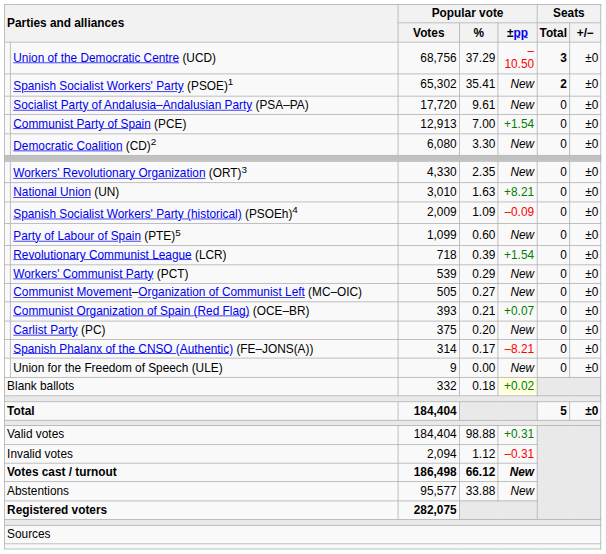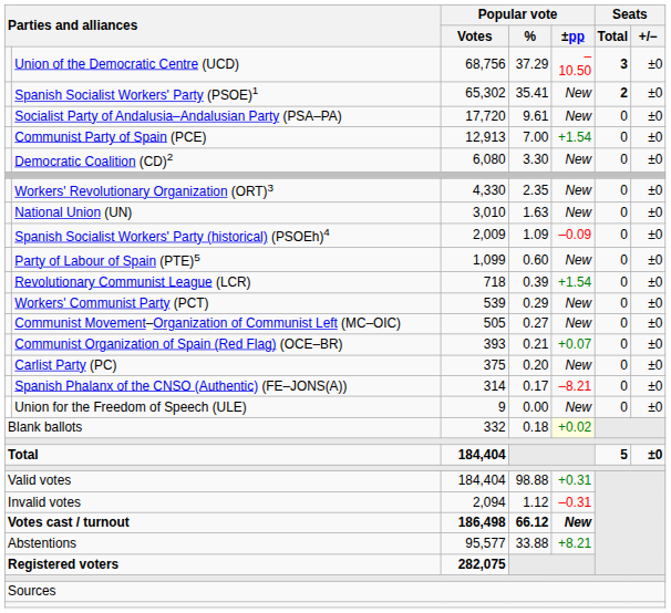 <table class="wikitable" style="text-align:right;">
 <tr>
 <th style="text-align:left;" rowspan="2" colspan="2" width="525">Parties and alliances</th>
 <th colspan="3">Popular vote</th>
 <th colspan="2">Seats</th>
 </tr>
 <tr>
 <th width="75">Votes</th>
 <th width="45">%</th>
 <th width="45">±<a href='#'>pp</a></th>
 <th width="35">Total</th>
 <th width="35">+/−</th>
 </tr>
 <tr>
 <td width="1" style="color:inherit;background:"></td>
 <td align="left"><a href='#'>Union of the Democratic Centre</a> (UCD)</td>
 <td>68,756</td>
 <td>37.29</td>
 <td style="color:red;">–10.50</td>
 <td><strong>3</strong></td>
 <td>±0</td>
 </tr>
 <tr>
 <td style="color:inherit;background:"></td>
 <td align="left"><a href='#'>Spanish Socialist Workers' Party</a> (PSOE)<sup>1</sup></td>
 <td>65,302</td>
 <td>35.41</td>
 <td><em>New</em></td>
 <td><strong>2</strong></td>
 <td>±0</td>
 </tr>
 <tr>
 <td style="color:inherit;background:"></td>
 <td align="left"><a href='#'>Socialist Party of Andalusia–Andalusian Party</a> (PSA–PA)</td>
 <td>17,720</td>
 <td>9.61</td>
 <td><em>New</em></td>
 <td>0</td>
 <td>±0</td>
 </tr>
 <tr>
 <td style="color:inherit;background:"></td>
 <td align="left"><a href='#'>Communist Party of Spain</a> (PCE)</td>
 <td>12,913</td>
 <td>7.00</td>
 <td style="color:green;">+1.54</td>
 <td>0</td>
 <td>±0</td>
 </tr>
 <tr>
 <td style="color:inherit;background:"></td>
 <td align="left"><a href='#'>Democratic Coalition</a> (CD)<sup>2</sup></td>
 <td>6,080</td>
 <td>3.30</td>
 <td><em>New</em></td>
 <td>0</td>
 <td>±0</td>
 </tr>
 <tr>
 <td colspan="7" bgcolor="#C0C0C0"></td>
 </tr>
 <tr>
 <td style="color:inherit;background:"></td>
 <td align="left"><a href='#'>Workers' Revolutionary Organization</a> (ORT)<sup>3</sup></td>
 <td>4,330</td>
 <td>2.35</td>
 <td><em>New</em></td>
 <td>0</td>
 <td>±0</td>
 </tr>
 <tr>
 <td style="color:inherit;background:"></td>
 <td align="left"><a href='#'>National Union</a> (UN)</td>
 <td>3,010</td>
 <td>1.63</td>
-<td style="color:green;">+8.21</td>
+<td><em>New</em></td>
 <td>0</td>
 <td>±0</td>
 </tr>
 <tr>
 <td style="color:inherit;background:"></td>
 <td align="left"><a href='#'>Spanish Socialist Workers' Party (historical)</a> (PSOEh)<sup>4</sup></td>
 <td>2,009</td>
 <td>1.09</td>
 <td style="color:red;">–0.09</td>
 <td>0</td>
 <td>±0</td>
 </tr>
 <tr>
 <td style="color:inherit;background:"></td>
 <td align="left"><a href='#'>Party of Labour of Spain</a> (PTE)<sup>5</sup></td>
 <td>1,099</td>
 <td>0.60</td>
 <td><em>New</em></td>
 <td>0</td>
 <td>±0</td>
 </tr>
 <tr>
 <td style="color:inherit;background:"></td>
 <td align="left"><a href='#'>Revolutionary Communist League</a> (LCR)</td>
 <td>718</td>
 <td>0.39</td>
 <td style="color:green;">+1.54</td>
 <td>0</td>
 <td>±0</td>
 </tr>
 <tr>
 <td style="color:inherit;background:"></td>
 <td align="left"><a href='#'>Workers' Communist Party</a> (PCT)</td>
 <td>539</td>
 <td>0.29</td>
 <td><em>New</em></td>
 <td>0</td>
 <td>±0</td>
 </tr>
 <tr>
 <td style="color:inherit;background:"></td>
 <td align="left"><a href='#'>Communist Movement</a>–<a href='#'>Organization of Communist Left</a> (MC–OIC)</td>
 <td>505</td>
 <td>0.27</td>
 <td><em>New</em></td>
 <td>0</td>
 <td>±0</td>
 </tr>
 <tr>
 <td style="color:inherit;background:"></td>
 <td align="left"><a href='#'>Communist Organization of Spain (Red Flag)</a> (OCE–BR)</td>
 <td>393</td>
 <td>0.21</td>
 <td style="color:green;">+0.07</td>
 <td>0</td>
 <td>±0</td>
 </tr>
 <tr>
 <td style="color:inherit;background:"></td>
 <td align="left"><a href='#'>Carlist Party</a> (PC)</td>
 <td>375</td>
 <td>0.20</td>
 <td><em>New</em></td>
 <td>0</td>
 <td>±0</td>
 </tr>
 <tr>
 <td style="color:inherit;background:"></td>
 <td align="left"><a href='#'>Spanish Phalanx of the CNSO (Authentic)</a> (FE–JONS(A))</td>
 <td>314</td>
 <td>0.17</td>
 <td style="color:red;">–8.21</td>
 <td>0</td>
 <td>±0</td>
 </tr>
 <tr>
 <td bgcolor="white"></td>
 <td align="left">Union for the Freedom of Speech (ULE)</td>
 <td>9</td>
 <td>0.00</td>
 <td><em>New</em></td>
 <td>0</td>
 <td>±0</td>
 </tr>
 <tr>
 <td align="left" colspan="2">Blank ballots</td>
 <td>332</td>
 <td>0.18</td>
 <td style="background: lightyellow; color:green;">+0.02</td>
 <td bgcolor="#E9E9E9" colspan="2"></td>
 </tr>
 <tr>
 <td colspan="7" bgcolor="#E9E9E9"></td>
 </tr>
 <tr style="font-weight:bold;">
 <td align="left" colspan="2">Total</td>
 <td>184,404</td>
 <td bgcolor="#E9E9E9" colspan="2"></td>
 <td>5</td>
 <td>±0</td>
 </tr>
 <tr>
 <td colspan="7" bgcolor="#E9E9E9"></td>
 </tr>
 <tr>
 <td align="left" colspan="2">Valid votes</td>
 <td>184,404</td>
 <td>98.88</td>
 <td style="color:green;">+0.31</td>
 <td bgcolor="#E9E9E9" colspan="2" rowspan="5"></td>
 </tr>
 <tr>
 <td align="left" colspan="2">Invalid votes</td>
 <td>2,094</td>
 <td>1.12</td>
 <td style="color:red;">–0.31</td>
 </tr>
 <tr style="font-weight:bold;">
 <td align="left" colspan="2">Votes cast / turnout</td>
 <td>186,498</td>
 <td>66.12</td>
 <td><em>New</em></td>
 </tr>
 <tr>
 <td align="left" colspan="2">Abstentions</td>
 <td>95,577</td>
 <td>33.88</td>
-<td><em>New</em></td>
+<td style="color:green;">+8.21</td>
 </tr>
 <tr style="font-weight:bold;">
 <td align="left" colspan="2">Registered voters</td>
 <td>282,075</td>
 <td bgcolor="#E9E9E9" colspan="2"></td>
 </tr>
 <tr>
 <td colspan="7" bgcolor="#E9E9E9"></td>
 </tr>
 <tr>
 <td align="left" colspan="7">Sources</td>
 </tr>
 <tr>
 <td colspan="7" style="text-align:left; max-width:790px;"></td>
 </tr>
 </table>
